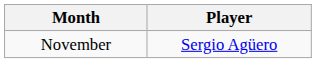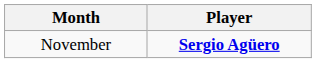 <table class="wikitable" style="text-align:center">
 <tr>
 <th>Month</th>
 <th>Player</th>
 </tr>
 <tr>
 <td style="width:130px;">November</td>
-<td style="width:150px;"> <a href='#'>Sergio Agüero</a></td>
+<td style="width:150px;"><strong> <a href='#'>Sergio Agüero</a></strong></td>
 </tr>
 </table>
